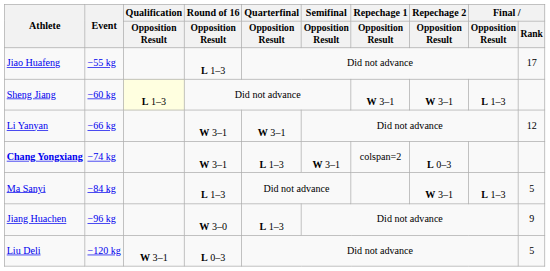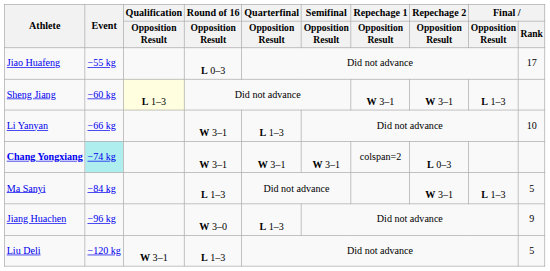 <table class="wikitable" style="font-size:90%">
 <tr>
 <th rowspan="2">Athlete</th>
 <th rowspan="2">Event</th>
 <th>Qualification</th>
 <th>Round of 16</th>
 <th>Quarterfinal</th>
 <th>Semifinal</th>
 <th>Repechage 1</th>
 <th>Repechage 2</th>
 <th colspan=2>Final / </th>
 </tr>
 <tr style="font-size: 95%">
 <th>Opposition<br>Result</th>
 <th>Opposition<br>Result</th>
 <th>Opposition<br>Result</th>
 <th>Opposition<br>Result</th>
 <th>Opposition<br>Result</th>
 <th>Opposition<br>Result</th>
 <th>Opposition<br>Result</th>
 <th>Rank</th>
 </tr>
 <tr align=center>
 <td align=left><a href='#'>Jiao Huafeng</a></td>
 <td align=left><a href='#'>−55 kg</a></td>
 <td></td>
-<td><br><strong>L</strong> 1–3 <sup></sup></td>
+<td><br><strong>L</strong> 0–3 <sup></sup></td>
 <td colspan=5>Did not advance</td>
 <td>17</td>
 </tr>
 <tr align=center>
 <td align=left><a href='#'>Sheng Jiang</a></td>
 <td align=left><a href='#'>−60 kg</a></td>
 <td style="background: lightyellow;"><br><strong>L</strong> 1–3 <sup></sup></td>
 <td colspan=3>Did not advance</td>
 <td><br><strong>W</strong> 3–1 <sup></sup></td>
 <td><br><strong>W</strong> 3–1 <sup></sup></td>
 <td><br><strong>L</strong> 1–3 <sup></sup></td>
 <td></td>
 </tr>
 <tr align=center>
 <td align=left><a href='#'>Li Yanyan</a></td>
 <td align=left><a href='#'>−66 kg</a></td>
 <td></td>
 <td><br><strong>W</strong> 3–1 <sup></sup></td>
-<td><br><strong>W</strong> 3–1 <sup></sup></td>
+<td><br><strong>L</strong> 1–3 <sup></sup></td>
 <td colspan=4>Did not advance</td>
-<td>12</td>
+<td>10</td>
 </tr>
 <tr align=center>
 <td align=left><strong><a href='#'>Chang Yongxiang</a></strong></td>
-<td align=left><a href='#'>−74 kg</a></td>
+<td align=left style="background: paleturquoise;"><a href='#'>−74 kg</a></td>
 <td></td>
 <td><br><strong>W</strong> 3–1 <sup></sup></td>
-<td><br><strong>L</strong> 1–3 <sup></sup></td>
+<td><br><strong>W</strong> 3–1 <sup></sup></td>
 <td><br><strong>W</strong> 3–1 <sup></sup></td>
 <td>colspan=2 </td>
 <td><br><strong>L</strong> 0–3 <sup></sup></td>
 <td></td>
 </tr>
 <tr align=center>
 <td align=left><a href='#'>Ma Sanyi</a></td>
 <td align=left><a href='#'>−84 kg</a></td>
 <td></td>
 <td><br><strong>L</strong> 1–3 <sup></sup></td>
 <td colspan=2>Did not advance</td>
 <td></td>
 <td><br><strong>W</strong> 3–1 <sup></sup></td>
 <td><br><strong>L</strong> 1–3 <sup></sup></td>
 <td>5</td>
 </tr>
 <tr align=center>
 <td align=left><a href='#'>Jiang Huachen</a></td>
 <td align=left><a href='#'>−96 kg</a></td>
 <td></td>
 <td><br><strong>W</strong> 3–0 <sup></sup></td>
 <td><br><strong>L</strong> 1–3 <sup></sup></td>
 <td colspan=4>Did not advance</td>
 <td>9</td>
 </tr>
 <tr align=center>
 <td align=left><a href='#'>Liu Deli</a></td>
 <td align=left><a href='#'>−120 kg</a></td>
 <td><br><strong>W</strong> 3–1 <sup></sup></td>
-<td><br><strong>L</strong> 0–3 <sup></sup></td>
+<td><br><strong>L</strong> 1–3 <sup></sup></td>
 <td colspan=5>Did not advance</td>
 <td>5</td>
 </tr>
 </table>
